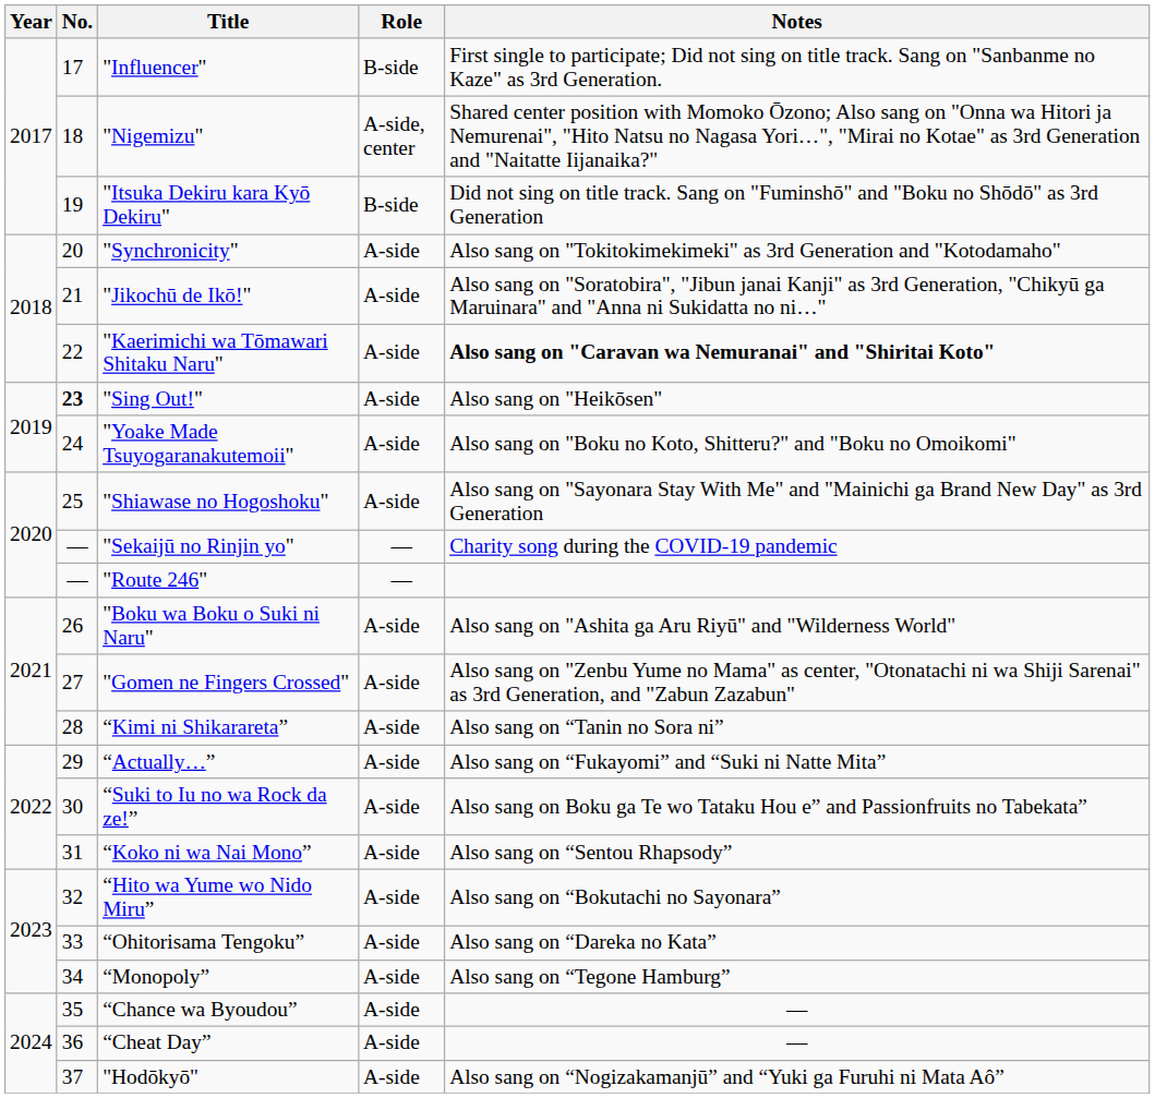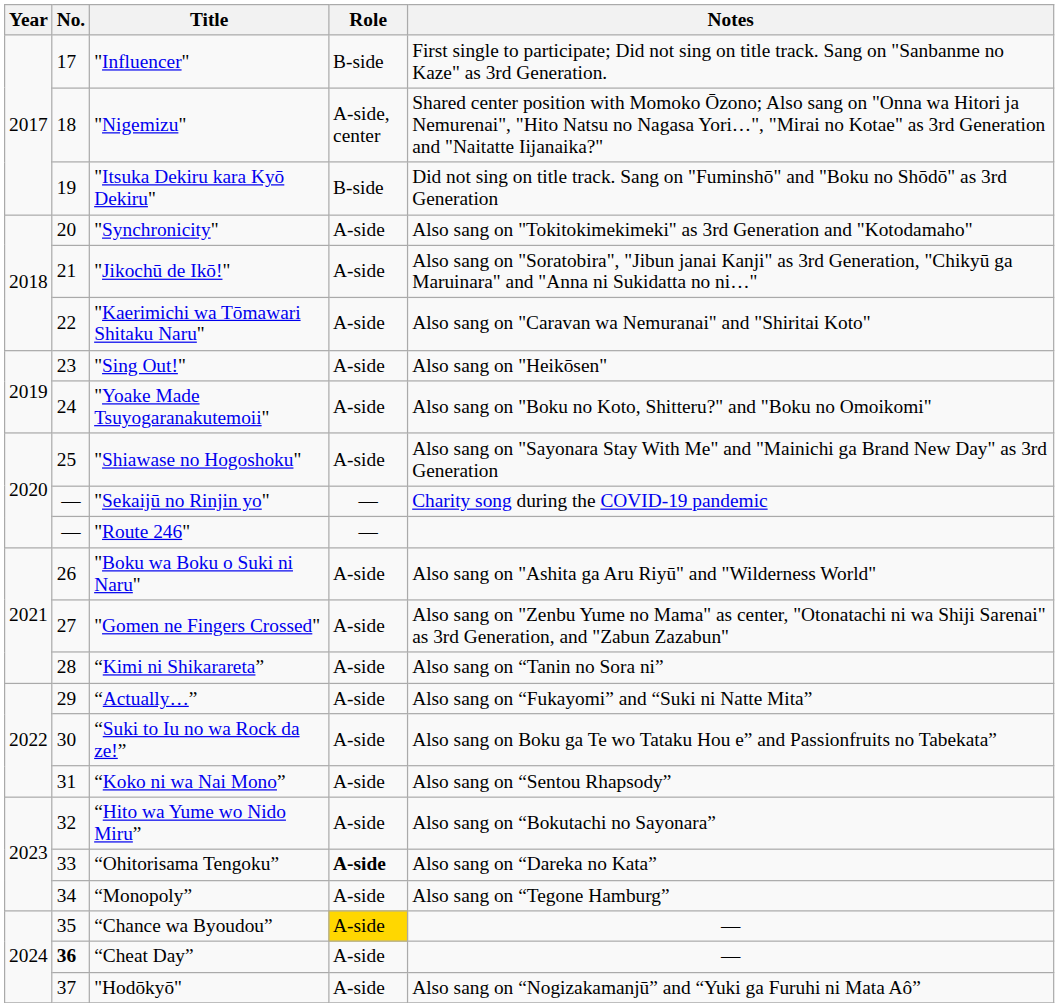 <table class="wikitable sortable">
 <tr>
 <th>Year</th>
 <th data-sort-type="number">No.</th>
 <th>Title</th>
 <th class="unsortable">Role</th>
 <th class="unsortable">Notes</th>
 </tr>
 <tr>
 <td rowspan="3">2017</td>
 <td>17</td>
 <td>"<a href='#'>Influencer</a>"</td>
 <td>B-side</td>
 <td>First single to participate; Did not sing on title track. Sang on "Sanbanme no Kaze" as 3rd Generation.</td>
 </tr>
 <tr>
 <td>18</td>
 <td>"<a href='#'>Nigemizu</a>"</td>
 <td>A-side, center</td>
 <td>Shared center position with Momoko Ōzono; Also sang on "Onna wa Hitori ja Nemurenai", "Hito Natsu no Nagasa Yori…", "Mirai no Kotae" as 3rd Generation and "Naitatte Iijanaika?"</td>
 </tr>
 <tr>
 <td>19</td>
 <td>"<a href='#'>Itsuka Dekiru kara Kyō Dekiru</a>"</td>
 <td>B-side</td>
 <td>Did not sing on title track. Sang on "Fuminshō" and "Boku no Shōdō" as 3rd Generation</td>
 </tr>
 <tr>
 <td rowspan="3">2018</td>
 <td>20</td>
 <td>"<a href='#'>Synchronicity</a>"</td>
 <td>A-side</td>
 <td>Also sang on "Tokitokimekimeki" as 3rd Generation and "Kotodamaho"</td>
 </tr>
 <tr>
 <td>21</td>
 <td>"<a href='#'>Jikochū de Ikō!</a>"</td>
 <td>A-side</td>
 <td>Also sang on "Soratobira", "Jibun janai Kanji" as 3rd Generation, "Chikyū ga Maruinara" and "Anna ni Sukidatta no ni…"</td>
 </tr>
 <tr>
 <td>22</td>
 <td>"<a href='#'>Kaerimichi wa Tōmawari Shitaku Naru</a>"</td>
 <td>A-side</td>
-<td><strong>Also sang on "Caravan wa Nemuranai" and "Shiritai Koto"</strong></td>
+<td>Also sang on "Caravan wa Nemuranai" and "Shiritai Koto"</td>
 </tr>
 <tr>
 <td rowspan="2">2019</td>
-<td><strong>23</strong></td>
+<td>23</td>
 <td>"<a href='#'>Sing Out!</a>"</td>
 <td>A-side</td>
 <td>Also sang on "Heikōsen"</td>
 </tr>
 <tr>
 <td>24</td>
 <td>"<a href='#'>Yoake Made Tsuyogaranakutemoii</a>"</td>
 <td>A-side</td>
 <td>Also sang on "Boku no Koto, Shitteru?" and "Boku no Omoikomi"</td>
 </tr>
 <tr>
 <td rowspan="3">2020</td>
 <td>25</td>
 <td>"<a href='#'>Shiawase no Hogoshoku</a>"</td>
 <td>A-side</td>
 <td>Also sang on "Sayonara Stay With Me" and "Mainichi ga Brand New Day" as 3rd Generation</td>
 </tr>
 <tr>
 <td align="center">—</td>
 <td>"<a href='#'>Sekaijū no Rinjin yo</a>"</td>
 <td align="center">—</td>
 <td><a href='#'>Charity song</a> during the <a href='#'>COVID-19 pandemic</a></td>
 </tr>
 <tr>
 <td align="center">—</td>
 <td>"<a href='#'>Route 246</a>"</td>
 <td align="center">—</td>
 <td></td>
 </tr>
 <tr>
 <td rowspan="3”">2021</td>
 <td>26</td>
 <td>"<a href='#'>Boku wa Boku o Suki ni Naru</a>"</td>
 <td>A-side</td>
 <td>Also sang on "Ashita ga Aru Riyū" and "Wilderness World"</td>
 </tr>
 <tr>
 <td>27</td>
 <td>"<a href='#'>Gomen ne Fingers Crossed</a>"</td>
 <td>A-side</td>
 <td>Also sang on "Zenbu Yume no Mama" as center, "Otonatachi ni wa Shiji Sarenai" as 3rd Generation, and "Zabun Zazabun"</td>
 </tr>
 <tr>
 <td>28</td>
 <td>“<a href='#'>Kimi ni Shikarareta</a>”</td>
 <td>A-side</td>
 <td>Also sang on “Tanin no Sora ni”</td>
 </tr>
 <tr>
 <td rowspan="3”">2022</td>
 <td>29</td>
 <td>“<a href='#'>Actually…</a>”</td>
 <td>A-side</td>
 <td>Also sang on “Fukayomi” and “Suki ni Natte Mita”</td>
 </tr>
 <tr>
 <td>30</td>
 <td>“<a href='#'>Suki to Iu no wa Rock da ze!</a>”</td>
 <td>A-side</td>
 <td>Also sang on Boku ga Te wo Tataku Hou e” and Passionfruits no Tabekata”</td>
 </tr>
 <tr>
 <td>31</td>
 <td>“<a href='#'>Koko ni wa Nai Mono</a>”</td>
 <td>A-side</td>
 <td>Also sang on “Sentou Rhapsody”</td>
 </tr>
 <tr>
 <td rowspan="3”">2023</td>
 <td>32</td>
 <td>“<a href='#'>Hito wa Yume wo Nido Miru</a>”</td>
 <td>A-side</td>
 <td>Also sang on “Bokutachi no Sayonara”</td>
 </tr>
 <tr>
 <td>33</td>
 <td>“Ohitorisama Tengoku”</td>
-<td>A-side</td>
+<td><strong>A-side</strong></td>
 <td>Also sang on “Dareka no Kata”</td>
 </tr>
 <tr>
 <td>34</td>
 <td>“Monopoly”</td>
 <td>A-side</td>
 <td>Also sang on “Tegone Hamburg”</td>
 </tr>
 <tr>
 <td rowspan="3">2024</td>
 <td>35</td>
 <td>“Chance wa Byoudou”</td>
-<td>A-side</td>
+<td style="background: gold;">A-side</td>
 <td align="center">—</td>
 </tr>
 <tr>
-<td>36</td>
+<td><strong>36</strong></td>
 <td>“Cheat Day”</td>
 <td>A-side</td>
 <td align="center">—</td>
 </tr>
 <tr>
 <td>37</td>
 <td>"Hodōkyō"</td>
 <td>A-side</td>
 <td>Also sang on “Nogizakamanjū” and “Yuki ga Furuhi ni Mata Aô”</td>
 </tr>
 </table>
